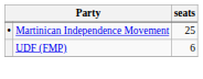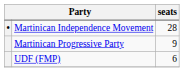 <table class="wikitable" style="font-size: 95%;">
 <tr style="background-color:#E9E9E9; border-bottom: 2px solid gray;">
 <th colspan=2>Party</th>
 <th>seats</th>
 </tr>
 <tr>
 <th style="background-color: "><span>•</span></th>
 <td><a href='#'>Martinican Independence Movement</a></td>
-<td align="right">25</td>
+<td align="right">28</td>
+</tr>
+<tr>
+<th style="background-color: "></th>
+<td><a href='#'>Martinican Progressive Party</a></td>
+<td align="right">9</td>
 </tr>
 <tr>
 <th style="background-color: "></th>
 <td><a href='#'>UDF (FMP)</a></td>
 <td align="right">6</td>
 </tr>
 <tr>
 </tr>
 </table>
